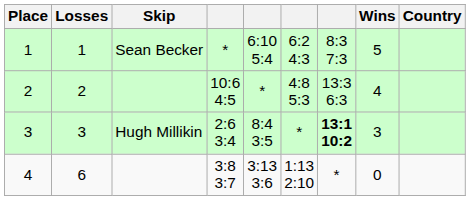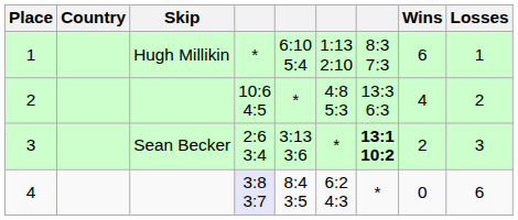 <table class="wikitable" style="text-align:center;">
 <tr>
 <th>Place</th>
-<th>Losses</th>
+<th>Country</th>
 <th>Skip</th>
 <th width="25"></th>
 <th width="25"></th>
 <th width="25"></th>
 <th width="25"></th>
 <th>Wins</th>
-<th>Country</th>
+<th>Losses</th>
 </tr>
 <tr bgcolor=#ccffcc>
 <td>1</td>
-<td>1</td>
-<td align=left>Sean Becker</td>
+<td align=left></td>
+<td align=left>Hugh Millikin</td>
 <td>*</td>
 <td>6:10<br> 5:4</td>
-<td>6:2<br> 4:3</td>
+<td>1:13<br>2:10</td>
 <td>8:3<br> 7:3</td>
-<td>5</td>
-<td align=left></td>
+<td>6</td>
+<td>1</td>
 </tr>
 <tr bgcolor=#ccffcc>
 <td>2</td>
-<td>2</td>
+<td align=left></td>
 <td align=left></td>
 <td>10:6<br> 4:5</td>
 <td>*</td>
 <td>4:8<br> 5:3</td>
 <td>13:3<br> 6:3</td>
 <td>4</td>
-<td align=left></td>
+<td>2</td>
 </tr>
 <tr bgcolor=#ccffcc>
 <td>3</td>
-<td>3</td>
-<td align=left>Hugh Millikin</td>
+<td align=left></td>
+<td align=left>Sean Becker</td>
 <td>2:6<br> 3:4</td>
-<td>8:4<br> 3:5</td>
+<td>3:13<br> 3:6</td>
 <td>*</td>
 <td><strong>13:1<br>10:2</strong></td>
+<td>2</td>
 <td>3</td>
-<td align=left></td>
 </tr>
 <tr>
 <td>4</td>
-<td>6</td>
 <td align=left></td>
-<td>3:8<br> 3:7</td>
-<td>3:13<br> 3:6</td>
-<td>1:13<br>2:10</td>
+<td align=left></td>
+<td style="background: lavender;">3:8<br> 3:7</td>
+<td>8:4<br> 3:5</td>
+<td>6:2<br> 4:3</td>
 <td>*</td>
 <td>0</td>
-<td align=left></td>
+<td>6</td>
 </tr>
 </table>
